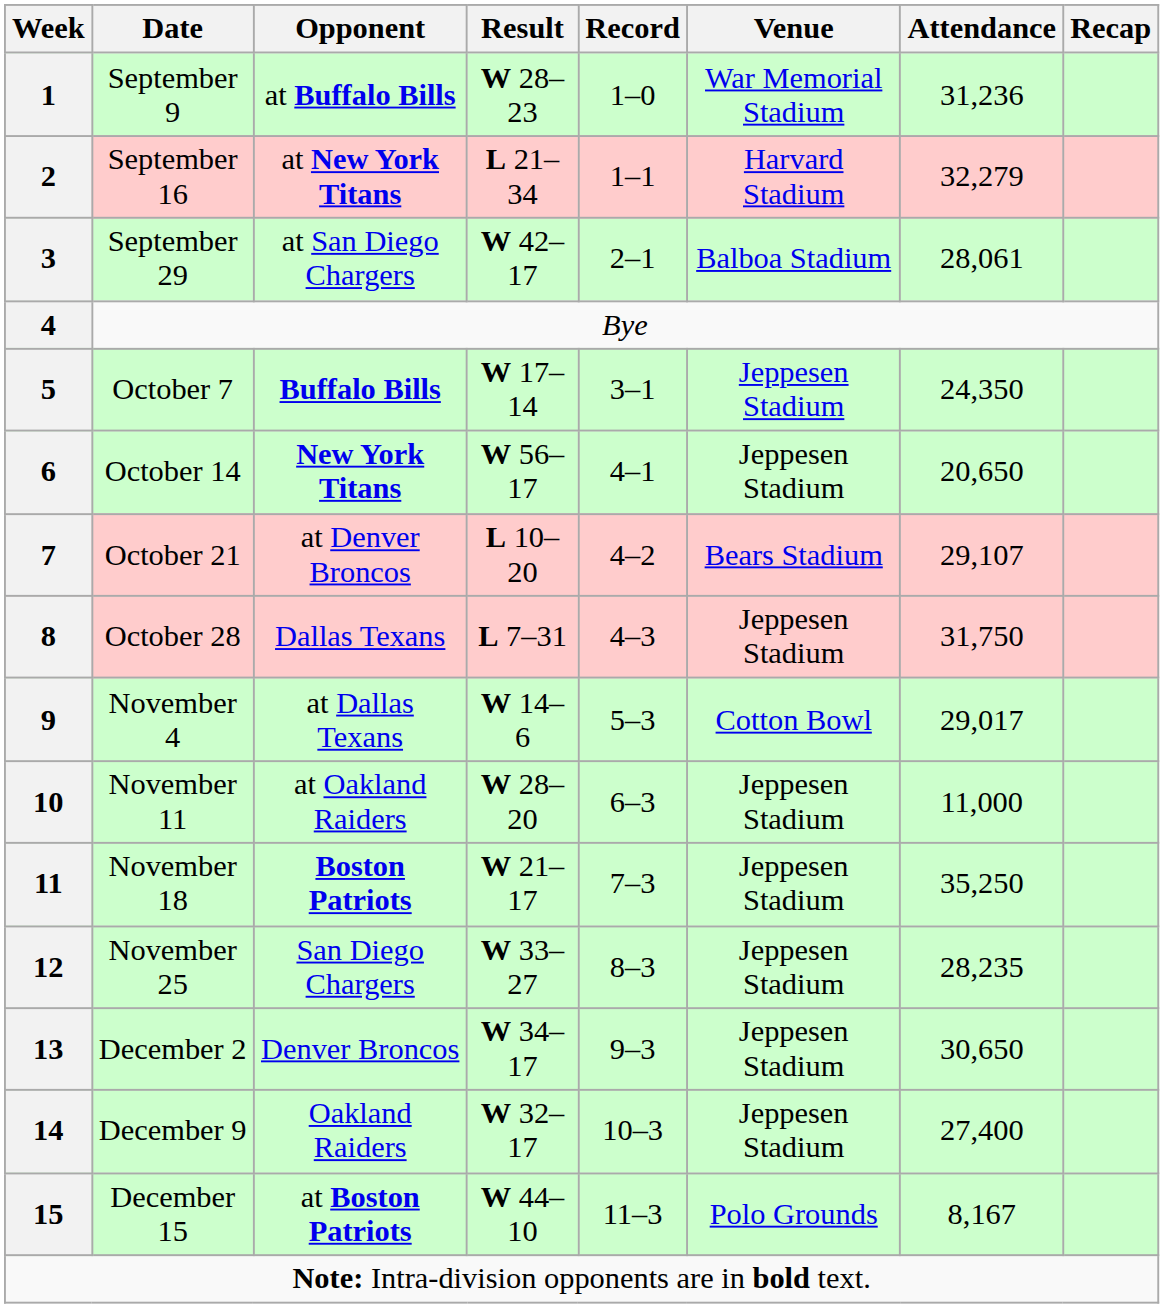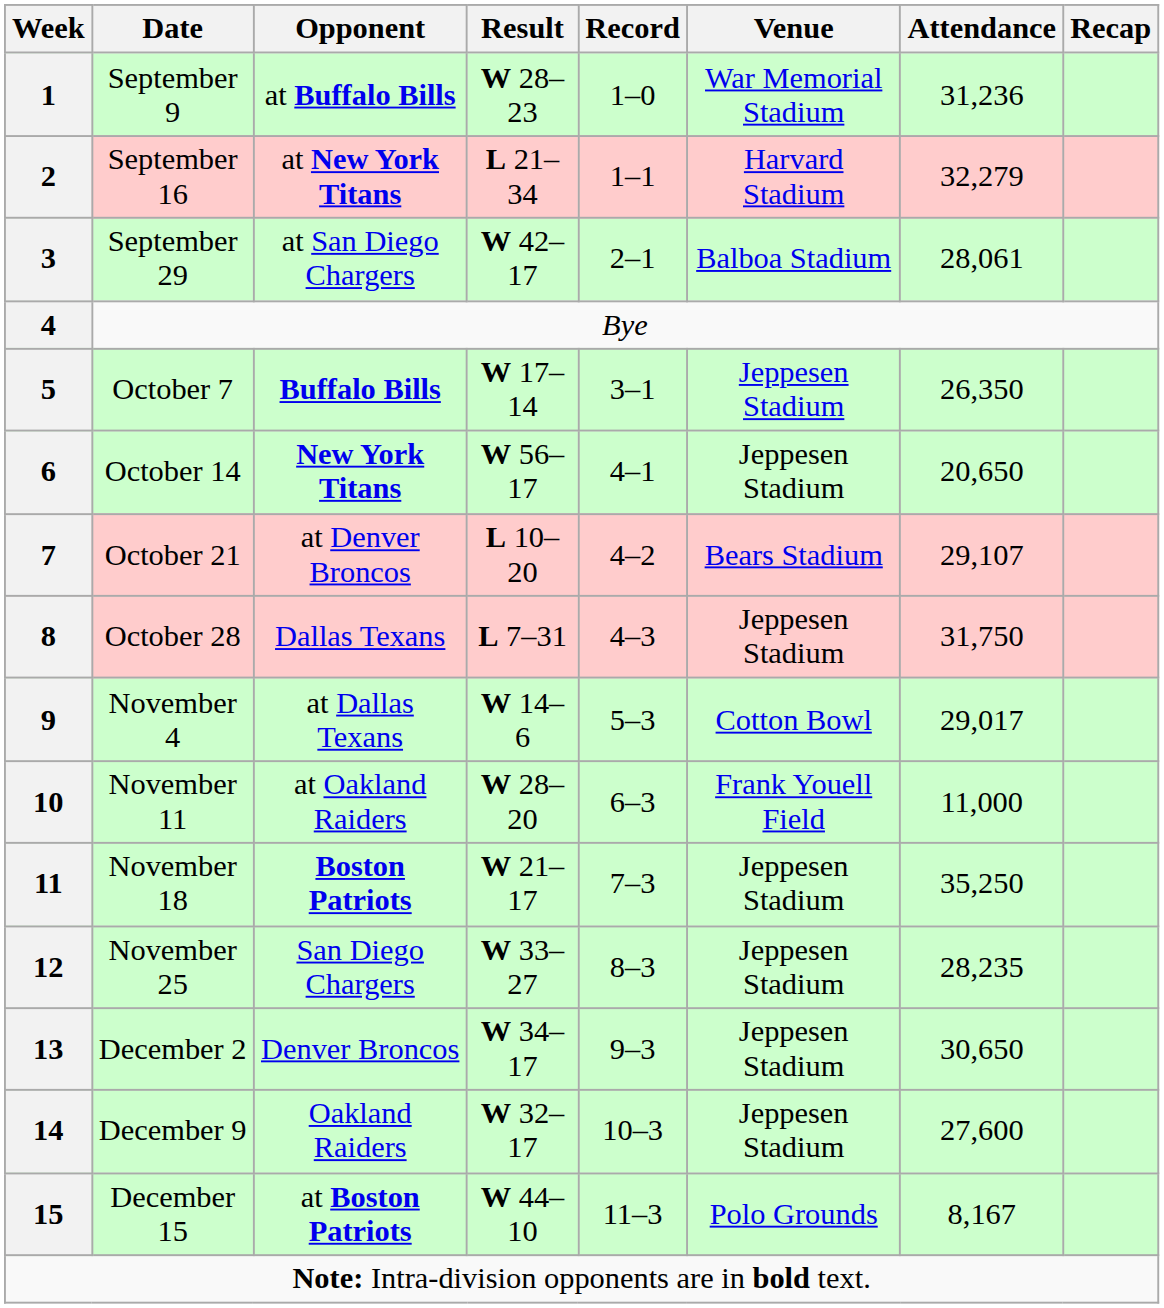 <table class="wikitable" style="text-align:center">
 <tr>
 <th>Week</th>
 <th>Date</th>
 <th>Opponent</th>
 <th>Result</th>
 <th>Record</th>
 <th>Venue</th>
 <th>Attendance</th>
 <th>Recap</th>
 </tr>
 <tr style="background: #cfc;">
 <th>1</th>
 <td>September 9</td>
 <td>at <strong><a href='#'>Buffalo Bills</a></strong></td>
 <td><strong>W</strong> 28–23</td>
 <td>1–0</td>
 <td><a href='#'>War Memorial Stadium</a></td>
 <td>31,236</td>
 <td></td>
 </tr>
 <tr style="background: #fcc;">
 <th>2</th>
 <td>September 16</td>
 <td>at <strong><a href='#'>New York Titans</a></strong></td>
 <td><strong>L</strong> 21–34</td>
 <td>1–1</td>
 <td><a href='#'>Harvard Stadium</a></td>
 <td>32,279</td>
 <td></td>
 </tr>
 <tr style="background: #cfc;">
 <th>3</th>
 <td>September 29</td>
 <td>at <a href='#'>San Diego Chargers</a></td>
 <td><strong>W</strong> 42–17</td>
 <td>2–1</td>
 <td><a href='#'>Balboa Stadium</a></td>
 <td>28,061</td>
 <td></td>
 </tr>
 <tr>
 <th>4</th>
 <td colspan="7" align="center"><em>Bye</em></td>
 </tr>
 <tr style="background: #cfc;">
 <th>5</th>
 <td>October 7</td>
 <td><strong><a href='#'>Buffalo Bills</a></strong></td>
 <td><strong>W</strong> 17–14</td>
 <td>3–1</td>
 <td><a href='#'>Jeppesen Stadium</a></td>
-<td>24,350</td>
+<td>26,350</td>
 <td></td>
 </tr>
 <tr style="background: #cfc;">
 <th>6</th>
 <td>October 14</td>
 <td><strong><a href='#'>New York Titans</a></strong></td>
 <td><strong>W</strong> 56–17</td>
 <td>4–1</td>
 <td>Jeppesen Stadium</td>
 <td>20,650</td>
 <td></td>
 </tr>
 <tr style="background: #fcc;">
 <th>7</th>
 <td>October 21</td>
 <td>at <a href='#'>Denver Broncos</a></td>
 <td><strong>L</strong> 10–20</td>
 <td>4–2</td>
 <td><a href='#'>Bears Stadium</a></td>
 <td>29,107</td>
 <td></td>
 </tr>
 <tr style="background: #fcc;">
 <th>8</th>
 <td>October 28</td>
 <td><a href='#'>Dallas Texans</a></td>
 <td><strong>L</strong> 7–31</td>
 <td>4–3</td>
 <td>Jeppesen Stadium</td>
 <td>31,750</td>
 <td></td>
 </tr>
 <tr style="background: #cfc;">
 <th>9</th>
 <td>November 4</td>
 <td>at <a href='#'>Dallas Texans</a></td>
 <td><strong>W</strong> 14–6</td>
 <td>5–3</td>
 <td><a href='#'>Cotton Bowl</a></td>
 <td>29,017</td>
 <td></td>
 </tr>
 <tr style="background: #cfc;">
 <th>10</th>
 <td>November 11</td>
 <td>at <a href='#'>Oakland Raiders</a></td>
 <td><strong>W</strong> 28–20</td>
 <td>6–3</td>
-<td>Jeppesen Stadium</td>
+<td><a href='#'>Frank Youell Field</a></td>
 <td>11,000</td>
 <td></td>
 </tr>
 <tr style="background: #cfc;">
 <th>11</th>
 <td>November 18</td>
 <td><strong><a href='#'>Boston Patriots</a></strong></td>
 <td><strong>W</strong> 21–17</td>
 <td>7–3</td>
 <td>Jeppesen Stadium</td>
 <td>35,250</td>
 <td></td>
 </tr>
 <tr style="background: #cfc;">
 <th>12</th>
 <td>November 25</td>
 <td><a href='#'>San Diego Chargers</a></td>
 <td><strong>W</strong> 33–27</td>
 <td>8–3</td>
 <td>Jeppesen Stadium</td>
 <td>28,235</td>
 <td></td>
 </tr>
 <tr style="background: #cfc;">
 <th>13</th>
 <td>December 2</td>
 <td><a href='#'>Denver Broncos</a></td>
 <td><strong>W</strong> 34–17</td>
 <td>9–3</td>
 <td>Jeppesen Stadium</td>
 <td>30,650</td>
 <td></td>
 </tr>
 <tr style="background: #cfc;">
 <th>14</th>
 <td>December 9</td>
 <td><a href='#'>Oakland Raiders</a></td>
 <td><strong>W</strong> 32–17</td>
 <td>10–3</td>
 <td>Jeppesen Stadium</td>
-<td>27,400</td>
+<td>27,600</td>
 <td></td>
 </tr>
 <tr style="background: #cfc;">
 <th>15</th>
 <td>December 15</td>
 <td>at <strong><a href='#'>Boston Patriots</a></strong></td>
 <td><strong>W</strong> 44–10</td>
 <td>11–3</td>
 <td><a href='#'>Polo Grounds</a></td>
 <td>8,167</td>
 <td></td>
 </tr>
 <tr>
 <td colspan="8"><strong>Note:</strong> Intra-division opponents are in <strong>bold</strong> text.</td>
 </tr>
 </table>
